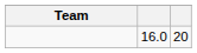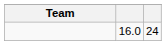 <table class="wikitable">
 <tr>
 </tr>
 <tr>
 <th width=150>Team</th>
 <th></th>
 <th></th>
 </tr>
 <tr>
 <td></td>
 <td align=center>16.0</td>
-<td align=center>20</td>
+<td align=center>24</td>
 </tr>
 </table>
